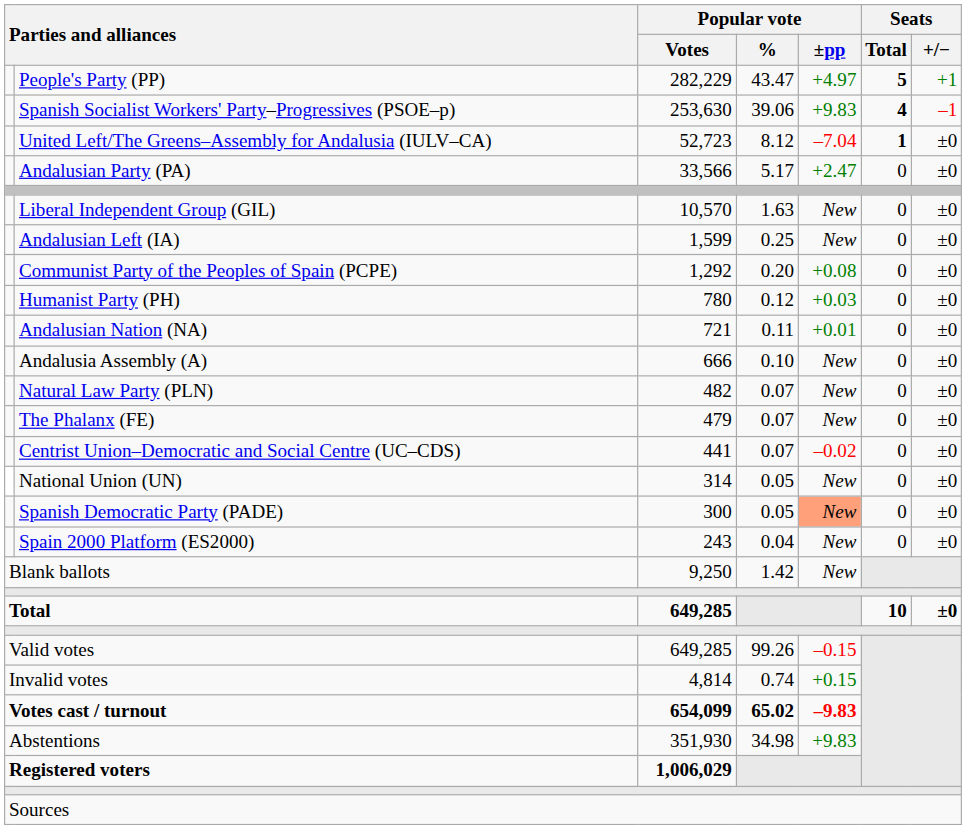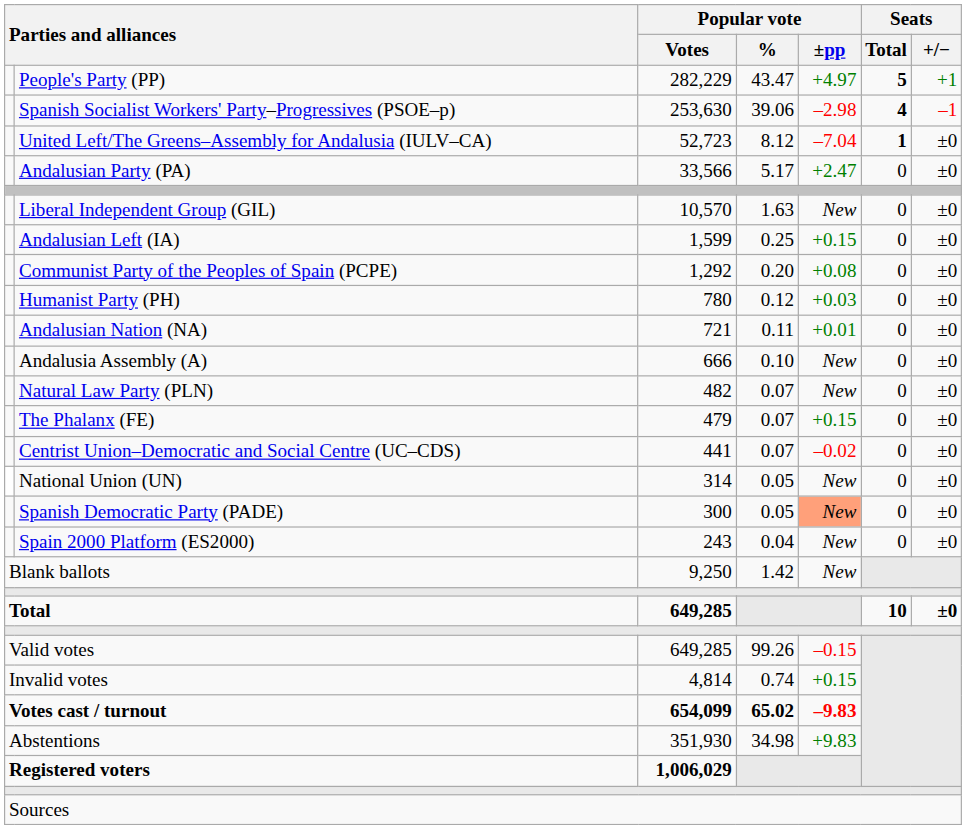 <table class="wikitable" style="text-align:right;">
 <tr>
 <th style="text-align:left;" rowspan="2" colspan="2" width="525">Parties and alliances</th>
 <th colspan="3">Popular vote</th>
 <th colspan="2">Seats</th>
 </tr>
 <tr>
 <th width="75">Votes</th>
 <th width="45">%</th>
 <th width="45">±<a href='#'>pp</a></th>
 <th width="35">Total</th>
 <th width="35">+/−</th>
 </tr>
 <tr>
 <td width="1" style="color:inherit;background:"></td>
 <td align="left"><a href='#'>People's Party</a> (PP)</td>
 <td>282,229</td>
 <td>43.47</td>
 <td style="color:green;">+4.97</td>
 <td><strong>5</strong></td>
 <td style="color:green;">+1</td>
 </tr>
 <tr>
 <td style="color:inherit;background:"></td>
 <td align="left"><a href='#'>Spanish Socialist Workers' Party</a>–<a href='#'>Progressives</a> (PSOE–p)</td>
 <td>253,630</td>
 <td>39.06</td>
-<td style="color:green;">+9.83</td>
+<td style="color:red;">–2.98</td>
 <td><strong>4</strong></td>
 <td style="color:red;">–1</td>
 </tr>
 <tr>
 <td style="color:inherit;background:"></td>
 <td align="left"><a href='#'>United Left/The Greens–Assembly for Andalusia</a> (IULV–CA)</td>
 <td>52,723</td>
 <td>8.12</td>
 <td style="color:red;">–7.04</td>
 <td><strong>1</strong></td>
 <td>±0</td>
 </tr>
 <tr>
 <td style="color:inherit;background:"></td>
 <td align="left"><a href='#'>Andalusian Party</a> (PA)</td>
 <td>33,566</td>
 <td>5.17</td>
 <td style="color:green;">+2.47</td>
 <td>0</td>
 <td>±0</td>
 </tr>
 <tr>
 <td colspan="7" bgcolor="#C0C0C0"></td>
 </tr>
 <tr>
 <td style="color:inherit;background:"></td>
 <td align="left"><a href='#'>Liberal Independent Group</a> (GIL)</td>
 <td>10,570</td>
 <td>1.63</td>
 <td><em>New</em></td>
 <td>0</td>
 <td>±0</td>
 </tr>
 <tr>
 <td style="color:inherit;background:"></td>
 <td align="left"><a href='#'>Andalusian Left</a> (IA)</td>
 <td>1,599</td>
 <td>0.25</td>
-<td><em>New</em></td>
+<td style="color:green;">+0.15</td>
 <td>0</td>
 <td>±0</td>
 </tr>
 <tr>
 <td style="color:inherit;background:"></td>
 <td align="left"><a href='#'>Communist Party of the Peoples of Spain</a> (PCPE)</td>
 <td>1,292</td>
 <td>0.20</td>
 <td style="color:green;">+0.08</td>
 <td>0</td>
 <td>±0</td>
 </tr>
 <tr>
 <td style="color:inherit;background:"></td>
 <td align="left"><a href='#'>Humanist Party</a> (PH)</td>
 <td>780</td>
 <td>0.12</td>
 <td style="color:green;">+0.03</td>
 <td>0</td>
 <td>±0</td>
 </tr>
 <tr>
 <td style="color:inherit;background:"></td>
 <td align="left"><a href='#'>Andalusian Nation</a> (NA)</td>
 <td>721</td>
 <td>0.11</td>
 <td style="color:green;">+0.01</td>
 <td>0</td>
 <td>±0</td>
 </tr>
 <tr>
 <td style="color:inherit;background:"></td>
 <td align="left">Andalusia Assembly (A)</td>
 <td>666</td>
 <td>0.10</td>
 <td><em>New</em></td>
 <td>0</td>
 <td>±0</td>
 </tr>
 <tr>
 <td style="color:inherit;background:"></td>
 <td align="left"><a href='#'>Natural Law Party</a> (PLN)</td>
 <td>482</td>
 <td>0.07</td>
 <td><em>New</em></td>
 <td>0</td>
 <td>±0</td>
 </tr>
 <tr>
 <td style="color:inherit;background:"></td>
 <td align="left"><a href='#'>The Phalanx</a> (FE)</td>
 <td>479</td>
 <td>0.07</td>
-<td><em>New</em></td>
+<td style="color:green;">+0.15</td>
 <td>0</td>
 <td>±0</td>
 </tr>
 <tr>
 <td style="color:inherit;background:"></td>
 <td align="left"><a href='#'>Centrist Union–Democratic and Social Centre</a> (UC–CDS)</td>
 <td>441</td>
 <td>0.07</td>
 <td style="color:red;">–0.02</td>
 <td>0</td>
 <td>±0</td>
 </tr>
 <tr>
 <td bgcolor="white"></td>
 <td align="left">National Union (UN)</td>
 <td>314</td>
 <td>0.05</td>
 <td><em>New</em></td>
 <td>0</td>
 <td>±0</td>
 </tr>
 <tr>
 <td style="color:inherit;background:"></td>
 <td align="left"><a href='#'>Spanish Democratic Party</a> (PADE)</td>
 <td>300</td>
 <td>0.05</td>
 <td style="background: lightsalmon;"><em>New</em></td>
 <td>0</td>
 <td>±0</td>
 </tr>
 <tr>
 <td style="color:inherit;background:"></td>
 <td align="left"><a href='#'>Spain 2000 Platform</a> (ES2000)</td>
 <td>243</td>
 <td>0.04</td>
 <td><em>New</em></td>
 <td>0</td>
 <td>±0</td>
 </tr>
 <tr>
 <td align="left" colspan="2">Blank ballots</td>
 <td>9,250</td>
 <td>1.42</td>
 <td><em>New</em></td>
 <td bgcolor="#E9E9E9" colspan="2"></td>
 </tr>
 <tr>
 <td colspan="7" bgcolor="#E9E9E9"></td>
 </tr>
 <tr style="font-weight:bold;">
 <td align="left" colspan="2">Total</td>
 <td>649,285</td>
 <td bgcolor="#E9E9E9" colspan="2"></td>
 <td>10</td>
 <td>±0</td>
 </tr>
 <tr>
 <td colspan="7" bgcolor="#E9E9E9"></td>
 </tr>
 <tr>
 <td align="left" colspan="2">Valid votes</td>
 <td>649,285</td>
 <td>99.26</td>
 <td style="color:red;">–0.15</td>
 <td bgcolor="#E9E9E9" colspan="2" rowspan="5"></td>
 </tr>
 <tr>
 <td align="left" colspan="2">Invalid votes</td>
 <td>4,814</td>
 <td>0.74</td>
 <td style="color:green;">+0.15</td>
 </tr>
 <tr style="font-weight:bold;">
 <td align="left" colspan="2">Votes cast / turnout</td>
 <td>654,099</td>
 <td>65.02</td>
 <td style="color:red;">–9.83</td>
 </tr>
 <tr>
 <td align="left" colspan="2">Abstentions</td>
 <td>351,930</td>
 <td>34.98</td>
 <td style="color:green;">+9.83</td>
 </tr>
 <tr style="font-weight:bold;">
 <td align="left" colspan="2">Registered voters</td>
 <td>1,006,029</td>
 <td bgcolor="#E9E9E9" colspan="2"></td>
 </tr>
 <tr>
 <td colspan="7" bgcolor="#E9E9E9"></td>
 </tr>
 <tr>
 <td align="left" colspan="7">Sources</td>
 </tr>
 </table>
